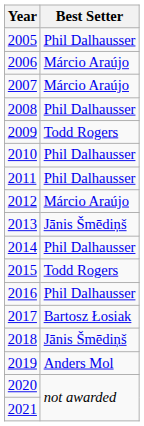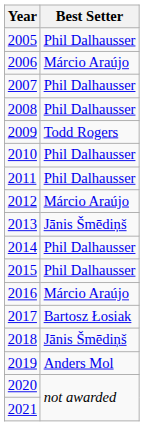 <table class="wikitable sortable" style="display:inline-table;">
 <tr>
 <th>Year</th>
 <th>Best Setter</th>
 </tr>
 <tr>
 <td><a href='#'>2005</a></td>
 <td> <a href='#'>Phil Dalhausser</a> </td>
 </tr>
 <tr>
 <td><a href='#'>2006</a></td>
 <td> <a href='#'>Márcio Araújo</a> </td>
 </tr>
 <tr>
 <td><a href='#'>2007</a></td>
-<td> <a href='#'>Márcio Araújo</a> </td>
+<td> <a href='#'>Phil Dalhausser</a> </td>
 </tr>
 <tr>
 <td><a href='#'>2008</a></td>
 <td> <a href='#'>Phil Dalhausser</a> </td>
 </tr>
 <tr>
 <td><a href='#'>2009</a></td>
 <td> <a href='#'>Todd Rogers</a></td>
 </tr>
 <tr>
 <td><a href='#'>2010</a></td>
 <td> <a href='#'>Phil Dalhausser</a> </td>
 </tr>
 <tr>
 <td><a href='#'>2011</a></td>
 <td> <a href='#'>Phil Dalhausser</a> </td>
 </tr>
 <tr>
 <td><a href='#'>2012</a></td>
 <td> <a href='#'>Márcio Araújo</a> </td>
 </tr>
 <tr>
 <td><a href='#'>2013</a></td>
 <td> <a href='#'>Jānis Šmēdiņš</a> </td>
 </tr>
 <tr>
 <td><a href='#'>2014</a></td>
 <td> <a href='#'>Phil Dalhausser</a> </td>
 </tr>
 <tr>
 <td><a href='#'>2015</a></td>
-<td> <a href='#'>Todd Rogers</a></td>
+<td> <a href='#'>Phil Dalhausser</a> </td>
 </tr>
 <tr>
 <td><a href='#'>2016</a></td>
-<td> <a href='#'>Phil Dalhausser</a> </td>
+<td> <a href='#'>Márcio Araújo</a> </td>
 </tr>
 <tr>
 <td><a href='#'>2017</a></td>
 <td> <a href='#'>Bartosz Łosiak</a></td>
 </tr>
 <tr>
 <td><a href='#'>2018</a></td>
 <td> <a href='#'>Jānis Šmēdiņš</a> </td>
 </tr>
 <tr>
 <td><a href='#'>2019</a></td>
 <td> <a href='#'>Anders Mol</a></td>
 </tr>
 <tr>
 <td><a href='#'>2020</a></td>
 <td rowspan=2><em>not awarded</em></td>
 </tr>
 <tr>
 <td><a href='#'>2021</a></td>
 </tr>
 </table>
